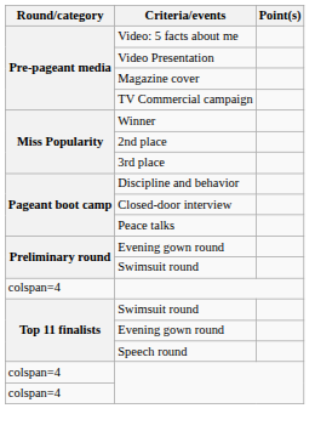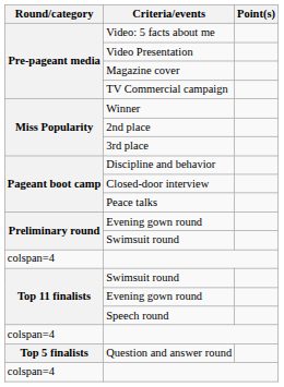 <table class="wikitable floatright" style="font-size: 85%;">
 <tr>
 <th>Round/category</th>
 <th>Criteria/events</th>
 <th>Point(s)</th>
 </tr>
 <tr>
 <th rowspan=4>Pre-pageant media</th>
 <td>Video: 5 facts about me</td>
 <td></td>
 </tr>
 <tr>
 <td>Video Presentation</td>
 <td></td>
 </tr>
 <tr>
 <td>Magazine cover</td>
 <td></td>
 </tr>
 <tr>
 <td>TV Commercial campaign</td>
 <td></td>
 </tr>
 <tr>
 <th rowspan=3>Miss Popularity</th>
 <td>Winner</td>
 <td></td>
 </tr>
 <tr>
 <td>2nd place</td>
 <td></td>
 </tr>
 <tr>
 <td>3rd place</td>
 <td></td>
 </tr>
 <tr>
 <th rowspan=3>Pageant boot camp</th>
 <td>Discipline and behavior</td>
 <td></td>
 </tr>
 <tr>
 <td>Closed-door interview</td>
 <td></td>
 </tr>
 <tr>
 <td>Peace talks</td>
 <td></td>
 </tr>
 <tr>
 <th rowspan=2>Preliminary round</th>
 <td>Evening gown round</td>
 <td></td>
 </tr>
 <tr>
 <td>Swimsuit round</td>
 <td></td>
 </tr>
 <tr>
 <td>colspan=4 </td>
 </tr>
 <tr>
 <th rowspan=3>Top 11 finalists</th>
 <td>Swimsuit round</td>
 <td></td>
 </tr>
 <tr>
 <td>Evening gown round</td>
 <td></td>
 </tr>
 <tr>
 <td>Speech round</td>
 <td></td>
 </tr>
 <tr>
 <td>colspan=4 </td>
 </tr>
 <tr>
+<th>Top 5 finalists</th>
+<td>Question and answer round</td>
+<td></td>
+</tr>
+<tr>
 <td>colspan=4 </td>
 </tr>
 </table>
